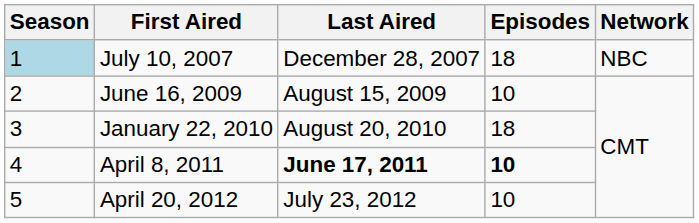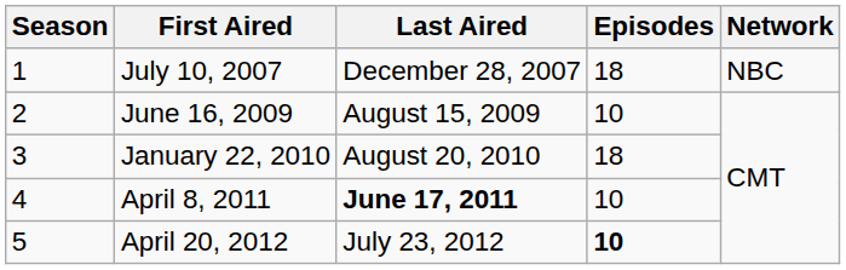 <table class="wikitable">
 <tr>
 <th>Season</th>
 <th>First Aired</th>
 <th>Last Aired</th>
 <th>Episodes</th>
 <th>Network</th>
 </tr>
 <tr>
-<td style="background: lightblue;">1</td>
+<td>1</td>
 <td>July 10, 2007</td>
 <td>December 28, 2007</td>
 <td>18</td>
 <td>NBC</td>
 </tr>
 <tr>
 <td>2</td>
 <td>June 16, 2009</td>
 <td>August 15, 2009</td>
 <td>10</td>
 <td rowspan="4">CMT</td>
 </tr>
 <tr>
 <td>3</td>
 <td>January 22, 2010</td>
 <td>August 20, 2010</td>
 <td>18</td>
 </tr>
 <tr>
 <td>4</td>
 <td>April 8, 2011</td>
 <td><strong>June 17, 2011</strong></td>
-<td><strong>10</strong></td>
+<td>10</td>
 </tr>
 <tr>
 <td>5</td>
 <td>April 20, 2012</td>
 <td>July 23, 2012</td>
-<td>10</td>
+<td><strong>10</strong></td>
 </tr>
 </table>
